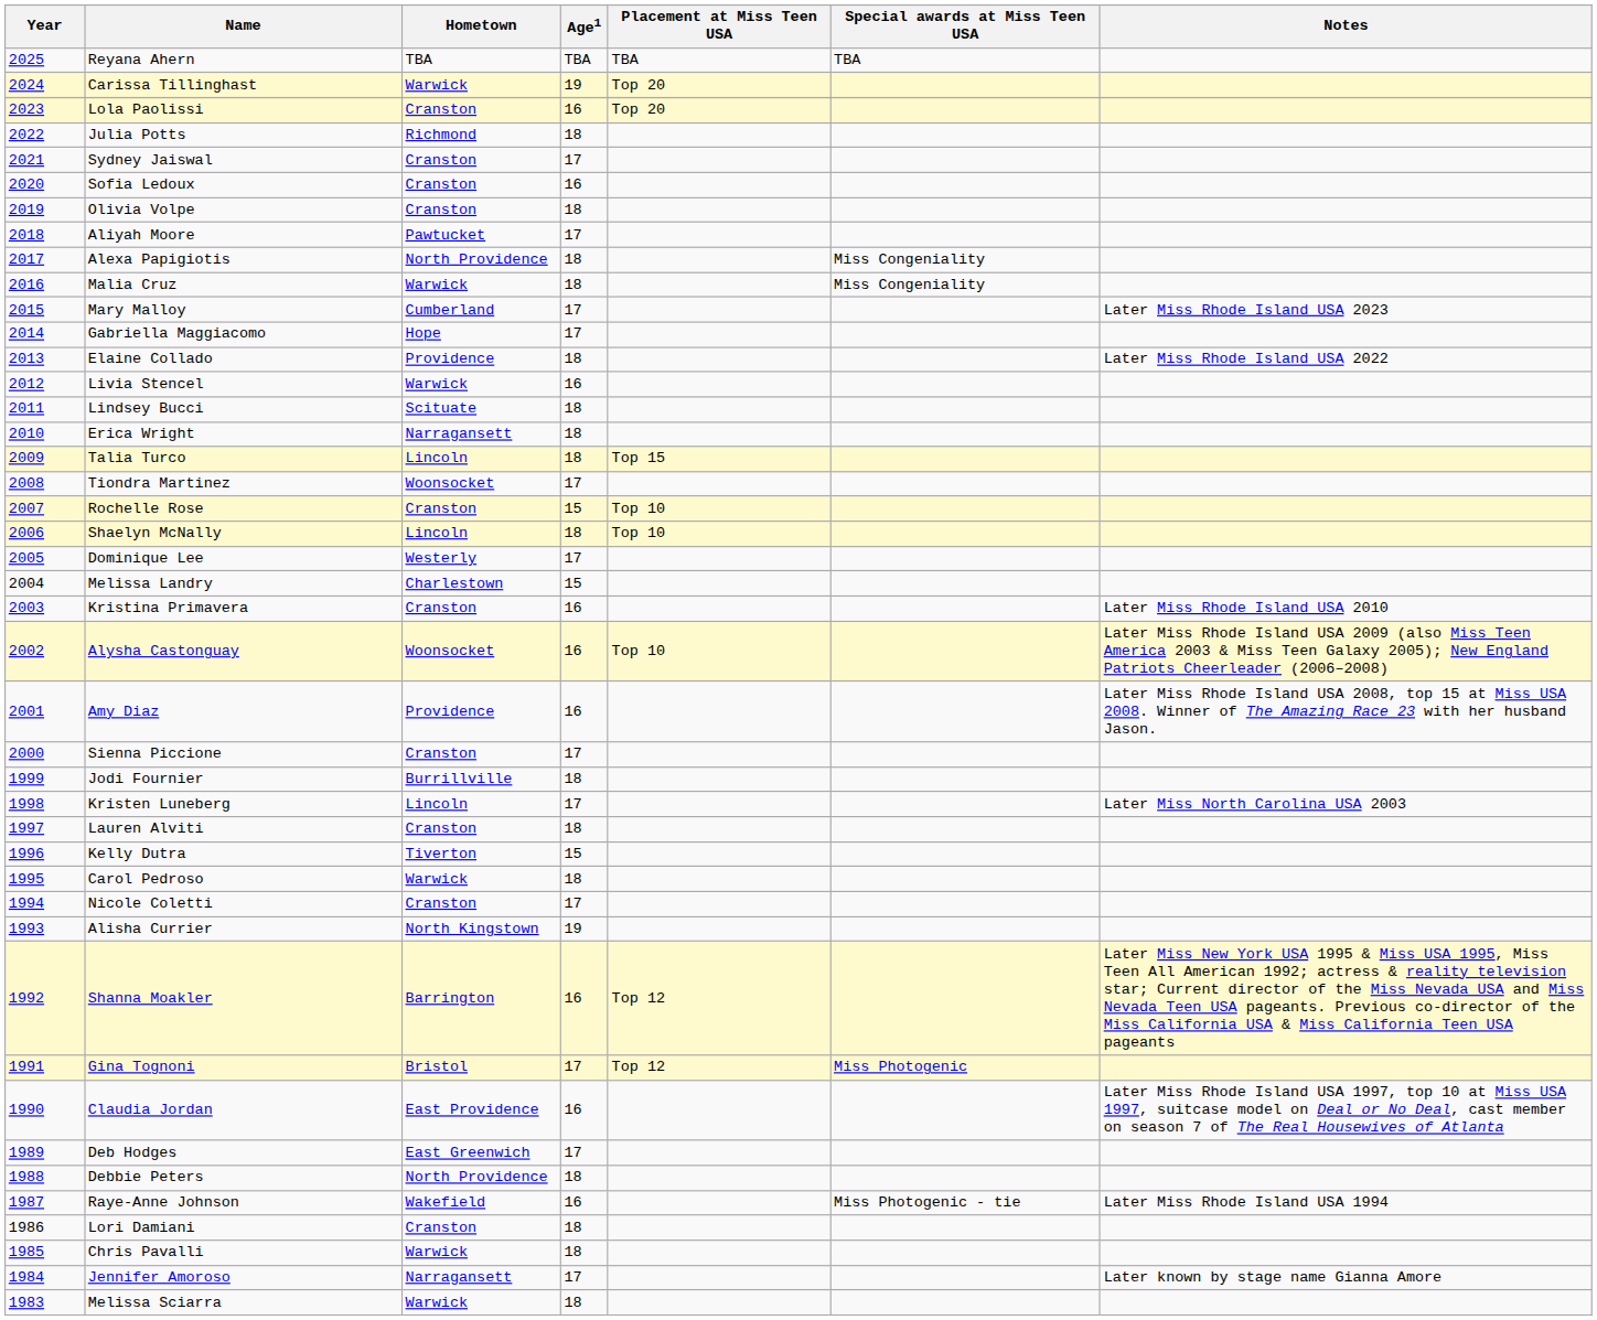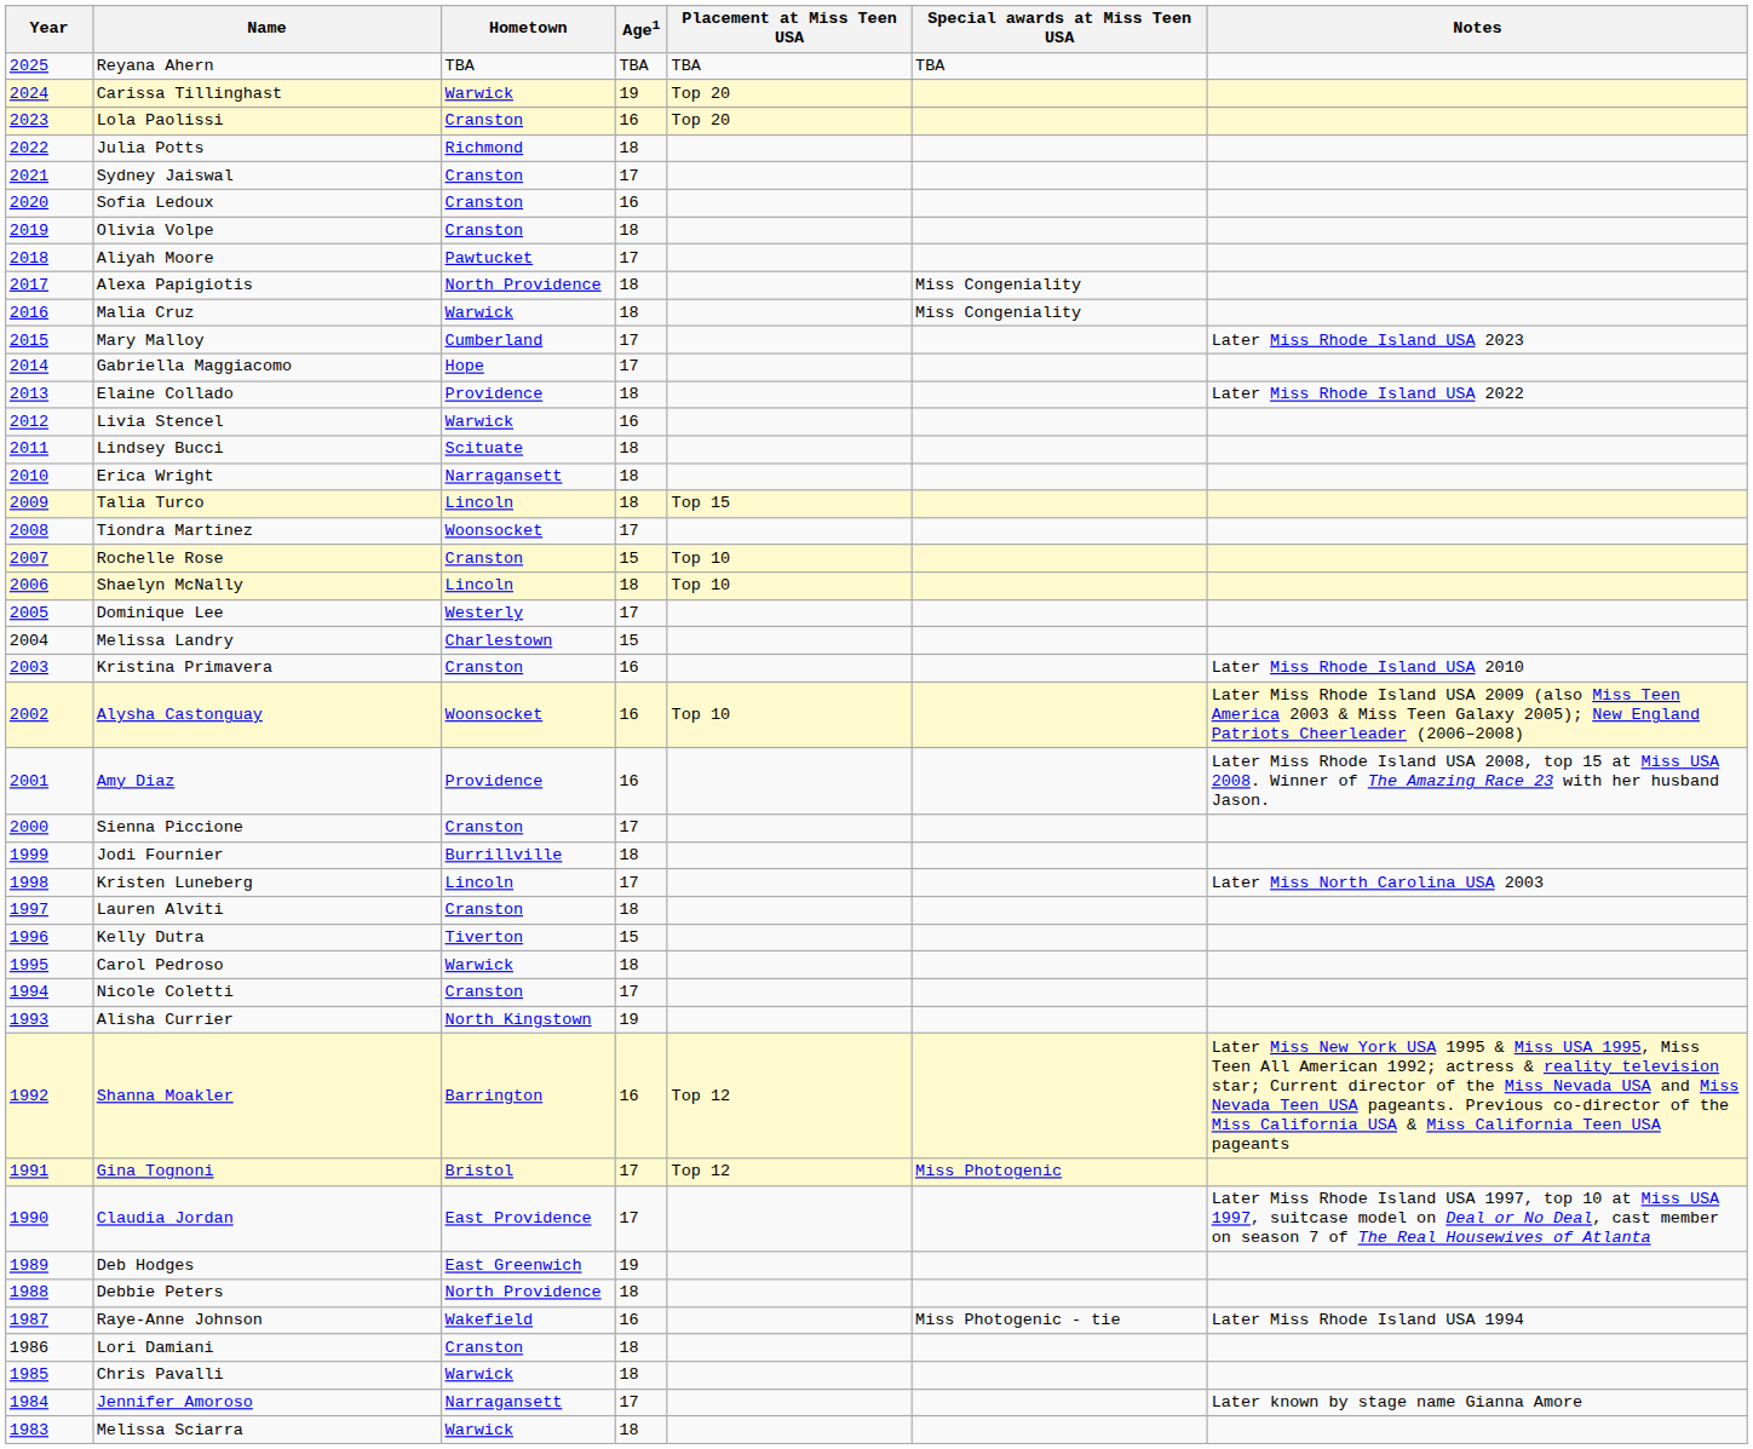 <table class="wikitable"style="font-size:90%;">
 <tr bgcolor="#efefef">
 <th width=5%>Year</th>
 <th width=20%>Name</th>
 <th width=10%>Hometown</th>
 <th width=3%>Age<sup>1</sup></th>
 <th width=14%>Placement at Miss Teen USA</th>
 <th width=17%>Special awards at Miss Teen USA</th>
 <th width=31%>Notes</th>
 </tr>
 <tr>
 <td><a href='#'>2025</a></td>
 <td>Reyana Ahern</td>
 <td>TBA</td>
 <td>TBA</td>
 <td>TBA</td>
 <td>TBA</td>
 <td></td>
 </tr>
 <tr style="background-color:#FFFACD;”">
 <td><a href='#'>2024</a></td>
 <td>Carissa Tillinghast</td>
 <td><a href='#'>Warwick</a></td>
 <td>19</td>
 <td>Top 20</td>
 <td></td>
 <td></td>
 </tr>
 <tr>
 </tr>
 <tr style="background-color:#FFFACD;”">
 <td><a href='#'>2023</a></td>
 <td>Lola Paolissi</td>
 <td><a href='#'>Cranston</a></td>
 <td>16</td>
 <td>Top 20</td>
 <td></td>
 <td></td>
 </tr>
 <tr>
 <td><a href='#'>2022</a></td>
 <td>Julia Potts</td>
 <td><a href='#'>Richmond</a></td>
 <td>18</td>
 <td></td>
 <td></td>
 <td></td>
 </tr>
 <tr>
 <td><a href='#'>2021</a></td>
 <td>Sydney Jaiswal</td>
 <td><a href='#'>Cranston</a></td>
 <td>17</td>
 <td></td>
 <td></td>
 <td></td>
 </tr>
 <tr>
 <td><a href='#'>2020</a></td>
 <td>Sofia Ledoux</td>
 <td><a href='#'>Cranston</a></td>
 <td>16</td>
 <td></td>
 <td></td>
 <td></td>
 </tr>
 <tr>
 <td><a href='#'>2019</a></td>
 <td>Olivia Volpe</td>
 <td><a href='#'>Cranston</a></td>
 <td>18</td>
 <td></td>
 <td></td>
 <td></td>
 </tr>
 <tr>
 <td><a href='#'>2018</a></td>
 <td>Aliyah Moore</td>
 <td><a href='#'>Pawtucket</a></td>
 <td>17</td>
 <td></td>
 <td></td>
 <td></td>
 </tr>
 <tr>
 <td><a href='#'>2017</a></td>
 <td>Alexa Papigiotis</td>
 <td><a href='#'>North Providence</a></td>
 <td>18</td>
 <td></td>
 <td>Miss Congeniality</td>
 <td></td>
 </tr>
 <tr>
 <td><a href='#'>2016</a></td>
 <td>Malia Cruz</td>
 <td><a href='#'>Warwick</a></td>
 <td>18</td>
 <td></td>
 <td>Miss Congeniality</td>
 <td></td>
 </tr>
 <tr>
 <td><a href='#'>2015</a></td>
 <td>Mary Malloy</td>
 <td><a href='#'>Cumberland</a></td>
 <td>17</td>
 <td></td>
 <td></td>
 <td>Later <a href='#'>Miss Rhode Island USA</a> 2023</td>
 </tr>
 <tr>
 <td><a href='#'>2014</a></td>
 <td>Gabriella Maggiacomo</td>
 <td><a href='#'>Hope</a></td>
 <td>17</td>
 <td></td>
 <td></td>
 <td></td>
 </tr>
 <tr>
 <td><a href='#'>2013</a></td>
 <td>Elaine Collado</td>
 <td><a href='#'>Providence</a></td>
 <td>18</td>
 <td></td>
 <td></td>
 <td>Later <a href='#'>Miss Rhode Island USA</a> 2022</td>
 </tr>
 <tr>
 <td><a href='#'>2012</a></td>
 <td>Livia Stencel</td>
 <td><a href='#'>Warwick</a></td>
 <td>16</td>
 <td></td>
 <td></td>
 <td></td>
 </tr>
 <tr>
 <td><a href='#'>2011</a></td>
 <td>Lindsey Bucci</td>
 <td><a href='#'>Scituate</a></td>
 <td>18</td>
 <td></td>
 <td></td>
 <td></td>
 </tr>
 <tr>
 <td><a href='#'>2010</a></td>
 <td>Erica Wright</td>
 <td><a href='#'>Narragansett</a></td>
 <td>18</td>
 <td></td>
 <td></td>
 <td></td>
 </tr>
 <tr style="background-color:#FFFACD;”">
 <td><a href='#'>2009</a></td>
 <td>Talia Turco</td>
 <td><a href='#'>Lincoln</a></td>
 <td>18</td>
 <td>Top 15</td>
 <td></td>
 <td></td>
 </tr>
 <tr>
 <td><a href='#'>2008</a></td>
 <td>Tiondra Martinez</td>
 <td><a href='#'>Woonsocket</a></td>
 <td>17</td>
 <td></td>
 <td></td>
 <td></td>
 </tr>
 <tr style="background-color:#FFFACD;”">
 <td><a href='#'>2007</a></td>
 <td>Rochelle Rose</td>
 <td><a href='#'>Cranston</a></td>
 <td>15</td>
 <td>Top 10</td>
 <td></td>
 <td></td>
 </tr>
 <tr style="background-color:#FFFACD;”">
 <td><a href='#'>2006</a></td>
 <td>Shaelyn McNally</td>
 <td><a href='#'>Lincoln</a></td>
 <td>18</td>
 <td>Top 10</td>
 <td></td>
 <td></td>
 </tr>
 <tr>
 <td><a href='#'>2005</a></td>
 <td>Dominique Lee</td>
 <td><a href='#'>Westerly</a></td>
 <td>17</td>
 <td></td>
 <td></td>
 <td></td>
 </tr>
 <tr>
 <td>2004</td>
 <td>Melissa Landry</td>
 <td><a href='#'>Charlestown</a></td>
 <td>15</td>
 <td></td>
 <td></td>
 <td></td>
 </tr>
 <tr>
 <td><a href='#'>2003</a></td>
 <td>Kristina Primavera</td>
 <td><a href='#'>Cranston</a></td>
 <td>16</td>
 <td></td>
 <td></td>
 <td>Later <a href='#'>Miss Rhode Island USA</a> 2010</td>
 </tr>
 <tr style="background-color:#FFFACD;”">
 <td><a href='#'>2002</a></td>
 <td><a href='#'>Alysha Castonguay</a></td>
 <td><a href='#'>Woonsocket</a></td>
 <td>16</td>
 <td>Top 10</td>
 <td></td>
 <td>Later Miss Rhode Island USA 2009 (also <a href='#'>Miss Teen America</a> 2003 & Miss Teen Galaxy 2005); <a href='#'>New England Patriots Cheerleader</a> (2006–2008)</td>
 </tr>
 <tr>
 <td><a href='#'>2001</a></td>
 <td><a href='#'>Amy Diaz</a></td>
 <td><a href='#'>Providence</a></td>
 <td>16</td>
 <td></td>
 <td></td>
 <td>Later Miss Rhode Island USA 2008, top 15 at <a href='#'>Miss USA 2008</a>.  Winner of <em><a href='#'>The Amazing Race 23</a></em> with her husband Jason.</td>
 </tr>
 <tr>
 <td><a href='#'>2000</a></td>
 <td>Sienna Piccione</td>
 <td><a href='#'>Cranston</a></td>
 <td>17</td>
 <td></td>
 <td></td>
 <td></td>
 </tr>
 <tr>
 <td><a href='#'>1999</a></td>
 <td>Jodi Fournier</td>
 <td><a href='#'>Burrillville</a></td>
 <td>18</td>
 <td></td>
 <td></td>
 <td></td>
 </tr>
 <tr>
 <td><a href='#'>1998</a></td>
 <td>Kristen Luneberg</td>
 <td><a href='#'>Lincoln</a></td>
 <td>17</td>
 <td></td>
 <td></td>
 <td>Later <a href='#'>Miss North Carolina USA</a> 2003</td>
 </tr>
 <tr>
 <td><a href='#'>1997</a></td>
 <td>Lauren Alviti</td>
 <td><a href='#'>Cranston</a></td>
 <td>18</td>
 <td></td>
 <td></td>
 <td></td>
 </tr>
 <tr>
 <td><a href='#'>1996</a></td>
 <td>Kelly Dutra</td>
 <td><a href='#'>Tiverton</a></td>
 <td>15</td>
 <td></td>
 <td></td>
 <td></td>
 </tr>
 <tr>
 <td><a href='#'>1995</a></td>
 <td>Carol Pedroso</td>
 <td><a href='#'>Warwick</a></td>
 <td>18</td>
 <td></td>
 <td></td>
 <td></td>
 </tr>
 <tr>
 <td><a href='#'>1994</a></td>
 <td>Nicole Coletti</td>
 <td><a href='#'>Cranston</a></td>
 <td>17</td>
 <td></td>
 <td></td>
 <td></td>
 </tr>
 <tr>
 <td><a href='#'>1993</a></td>
 <td>Alisha Currier</td>
 <td><a href='#'>North Kingstown</a></td>
 <td>19</td>
 <td></td>
 <td></td>
 <td></td>
 </tr>
 <tr style="background-color:#FFFACD;”">
 <td><a href='#'>1992</a></td>
 <td><a href='#'>Shanna Moakler</a></td>
 <td><a href='#'>Barrington</a></td>
 <td>16</td>
 <td>Top 12</td>
 <td></td>
 <td>Later <a href='#'>Miss New York USA</a> 1995 & <a href='#'>Miss USA 1995</a>, Miss Teen All American 1992; actress & <a href='#'>reality television</a> star; Current director of the <a href='#'>Miss Nevada USA</a> and <a href='#'>Miss Nevada Teen USA</a> pageants. Previous co-director of the <a href='#'>Miss California USA</a> & <a href='#'>Miss California Teen USA</a> pageants</td>
 </tr>
 <tr style="background-color:#FFFACD;”">
 <td><a href='#'>1991</a></td>
 <td><a href='#'>Gina Tognoni</a></td>
 <td><a href='#'>Bristol</a></td>
 <td>17</td>
 <td>Top 12</td>
 <td><a href='#'>Miss Photogenic</a></td>
 <td></td>
 </tr>
 <tr>
 <td><a href='#'>1990</a></td>
 <td><a href='#'>Claudia Jordan</a></td>
 <td><a href='#'>East Providence</a></td>
-<td>16</td>
+<td>17</td>
 <td></td>
 <td></td>
 <td>Later Miss Rhode Island USA 1997, top 10 at <a href='#'>Miss USA 1997</a>, suitcase model on <em><a href='#'>Deal or No Deal</a></em>, cast member on season 7 of <em><a href='#'>The Real Housewives of Atlanta</a></em></td>
 </tr>
 <tr>
 <td><a href='#'>1989</a></td>
 <td>Deb Hodges</td>
 <td><a href='#'>East Greenwich</a></td>
-<td>17</td>
+<td>19</td>
 <td></td>
 <td></td>
 <td></td>
 </tr>
 <tr>
 <td><a href='#'>1988</a></td>
 <td>Debbie Peters</td>
 <td><a href='#'>North Providence</a></td>
 <td>18</td>
 <td></td>
 <td></td>
 <td></td>
 </tr>
 <tr>
 <td><a href='#'>1987</a></td>
 <td>Raye-Anne Johnson</td>
 <td><a href='#'>Wakefield</a></td>
 <td>16</td>
 <td></td>
 <td>Miss Photogenic - tie</td>
 <td>Later Miss Rhode Island USA 1994</td>
 </tr>
 <tr>
 <td>1986</td>
 <td>Lori Damiani</td>
 <td><a href='#'>Cranston</a></td>
 <td>18</td>
 <td></td>
 <td></td>
 <td></td>
 </tr>
 <tr>
 <td><a href='#'>1985</a></td>
 <td>Chris Pavalli</td>
 <td><a href='#'>Warwick</a></td>
 <td>18</td>
 <td></td>
 <td></td>
 <td></td>
 </tr>
 <tr>
 <td><a href='#'>1984</a></td>
 <td><a href='#'>Jennifer Amoroso</a></td>
 <td><a href='#'>Narragansett</a></td>
 <td>17</td>
 <td></td>
 <td></td>
 <td>Later known by stage name Gianna Amore</td>
 </tr>
 <tr>
 <td><a href='#'>1983</a></td>
 <td>Melissa Sciarra</td>
 <td><a href='#'>Warwick</a></td>
 <td>18</td>
 <td></td>
 <td></td>
 <td></td>
 </tr>
 </table>
